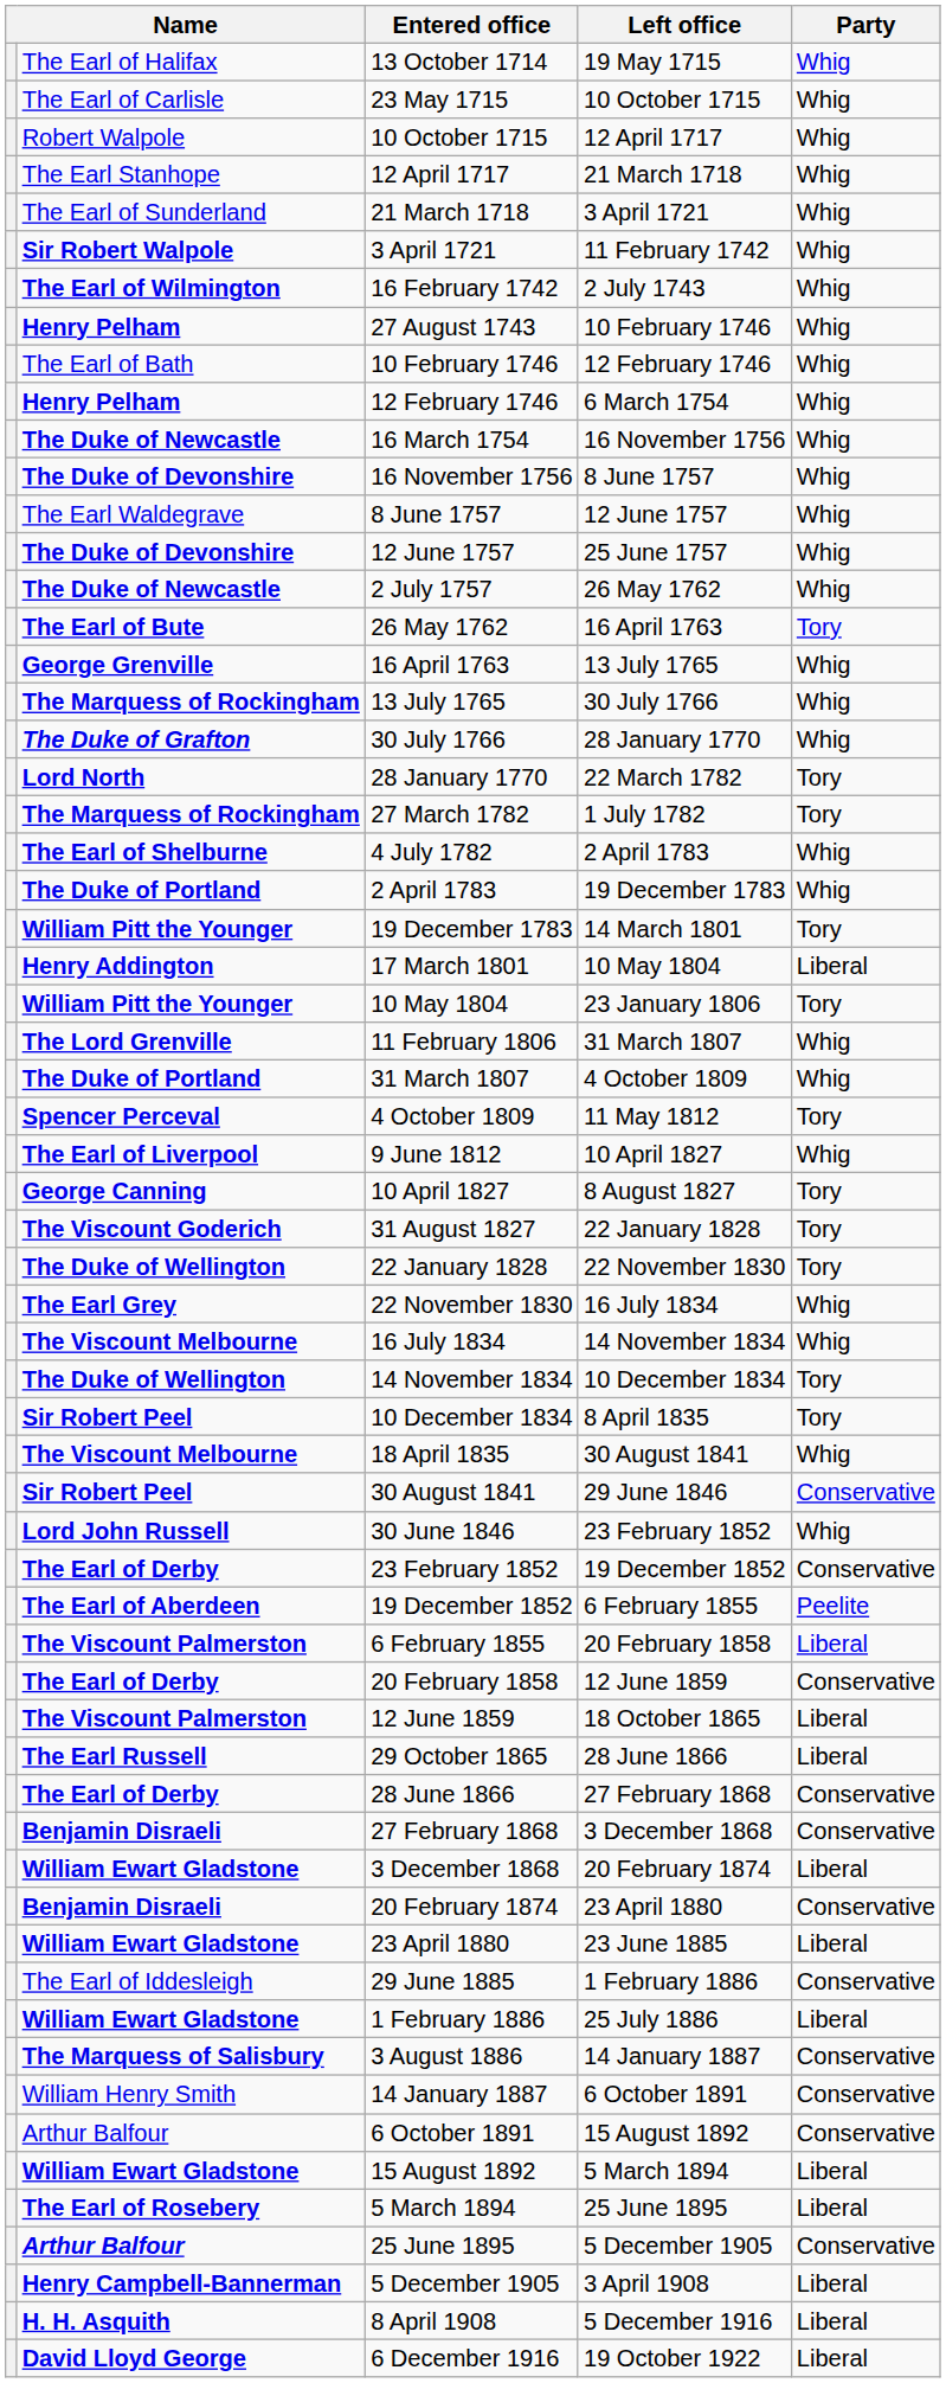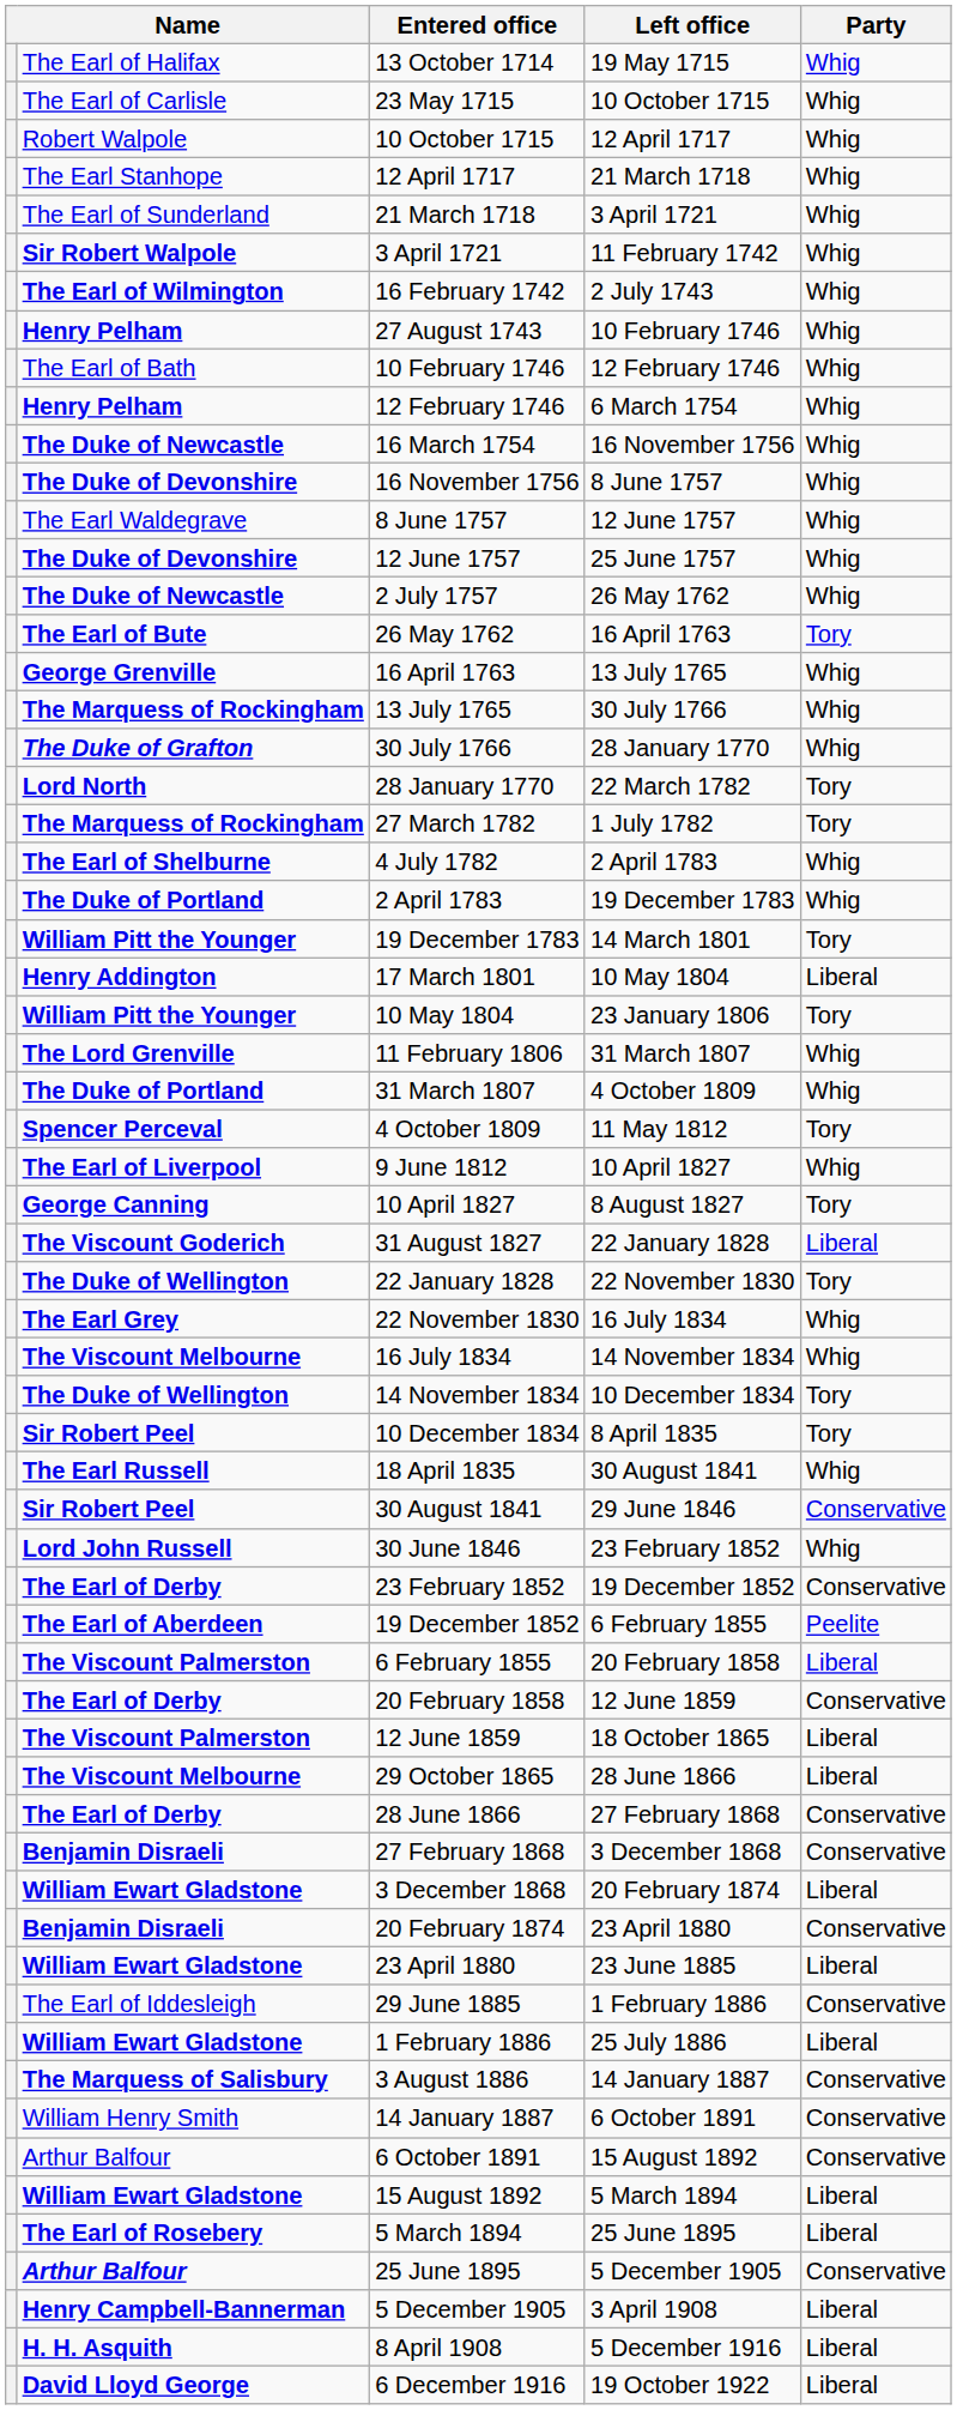 <table class="wikitable" style="font-size:95%;">
 <tr>
 <th colspan=2>Name</th>
 <th>Entered office</th>
 <th>Left office</th>
 <th>Party</th>
 </tr>
 <tr>
 <th style="background-color: "></th>
 <td><a href='#'>The Earl of Halifax</a></td>
 <td>13 October 1714</td>
 <td>19 May 1715</td>
 <td><a href='#'>Whig</a></td>
 </tr>
 <tr>
 <th style="background-color: "></th>
 <td><a href='#'>The Earl of Carlisle</a></td>
 <td>23 May 1715</td>
 <td>10 October 1715</td>
 <td>Whig</td>
 </tr>
 <tr>
 <th style="background-color: "></th>
 <td><a href='#'>Robert Walpole</a></td>
 <td>10 October 1715</td>
 <td>12 April 1717</td>
 <td>Whig</td>
 </tr>
 <tr>
 <th style="background-color: "></th>
 <td><a href='#'>The Earl Stanhope</a></td>
 <td>12 April 1717</td>
 <td>21 March 1718</td>
 <td>Whig</td>
 </tr>
 <tr>
 <th style="background-color: "></th>
 <td><a href='#'>The Earl of Sunderland</a></td>
 <td>21 March 1718</td>
 <td>3 April 1721</td>
 <td>Whig</td>
 </tr>
 <tr>
 <th style="background-color: "></th>
 <td><strong><a href='#'>Sir Robert Walpole</a></strong></td>
 <td>3 April 1721</td>
 <td>11 February 1742</td>
 <td>Whig</td>
 </tr>
 <tr>
 <th style="background-color: "></th>
 <td><strong><a href='#'>The Earl of Wilmington</a></strong></td>
 <td>16 February 1742</td>
 <td>2 July 1743</td>
 <td>Whig</td>
 </tr>
 <tr>
 <th style="background-color: "></th>
 <td><strong><a href='#'>Henry Pelham</a></strong></td>
 <td>27 August 1743</td>
 <td>10 February 1746</td>
 <td>Whig</td>
 </tr>
 <tr>
 <th style="background-color: "></th>
 <td><a href='#'>The Earl of Bath</a></td>
 <td>10 February 1746</td>
 <td>12 February 1746</td>
 <td>Whig</td>
 </tr>
 <tr>
 <th style="background-color: "></th>
 <td><strong><a href='#'>Henry Pelham</a></strong></td>
 <td>12 February 1746</td>
 <td>6 March 1754</td>
 <td>Whig</td>
 </tr>
 <tr>
 <th style="background-color: "></th>
 <td><strong><a href='#'>The Duke of Newcastle</a></strong></td>
 <td>16 March 1754</td>
 <td>16 November 1756</td>
 <td>Whig</td>
 </tr>
 <tr>
 <th style="background-color: "></th>
 <td><strong><a href='#'>The Duke of Devonshire</a></strong></td>
 <td>16 November 1756</td>
 <td>8 June 1757</td>
 <td>Whig</td>
 </tr>
 <tr>
 <th style="background-color: "></th>
 <td><a href='#'>The Earl Waldegrave</a></td>
 <td>8 June 1757</td>
 <td>12 June 1757</td>
 <td>Whig</td>
 </tr>
 <tr>
 <th style="background-color: "></th>
 <td><strong><a href='#'>The Duke of Devonshire</a></strong></td>
 <td>12 June 1757</td>
 <td>25 June 1757</td>
 <td>Whig</td>
 </tr>
 <tr>
 <th style="background-color: "></th>
 <td><strong><a href='#'>The Duke of Newcastle</a></strong></td>
 <td>2 July 1757</td>
 <td>26 May 1762</td>
 <td>Whig</td>
 </tr>
 <tr>
 <th style="background-color: "></th>
 <td><strong><a href='#'>The Earl of Bute</a></strong></td>
 <td>26 May 1762</td>
 <td>16 April 1763</td>
 <td><a href='#'>Tory</a></td>
 </tr>
 <tr>
 <th style="background-color: "></th>
 <td><strong><a href='#'>George Grenville</a></strong></td>
 <td>16 April 1763</td>
 <td>13 July 1765</td>
 <td>Whig</td>
 </tr>
 <tr>
 <th style="background-color: "></th>
 <td><strong><a href='#'>The Marquess of Rockingham</a></strong></td>
 <td>13 July 1765</td>
 <td>30 July 1766</td>
 <td>Whig</td>
 </tr>
 <tr>
 <th style="background-color: "></th>
 <td><strong><em><a href='#'>The Duke of Grafton</a></em></strong></td>
 <td>30 July 1766</td>
 <td>28 January 1770</td>
 <td>Whig</td>
 </tr>
 <tr>
 <th style="background-color: "></th>
 <td><strong><a href='#'>Lord North</a></strong></td>
 <td>28 January 1770</td>
 <td>22 March 1782</td>
 <td>Tory</td>
 </tr>
 <tr>
 <th style="background-color: "></th>
 <td><strong><a href='#'>The Marquess of Rockingham</a></strong></td>
 <td>27 March 1782</td>
 <td>1 July 1782</td>
 <td>Tory</td>
 </tr>
 <tr>
 <th style="background-color: "></th>
 <td><strong><a href='#'>The Earl of Shelburne</a></strong></td>
 <td>4 July 1782</td>
 <td>2 April 1783</td>
 <td>Whig</td>
 </tr>
 <tr>
 <th style="background-color: "></th>
 <td><strong><a href='#'>The Duke of Portland</a></strong></td>
 <td>2 April 1783</td>
 <td>19 December 1783</td>
 <td>Whig</td>
 </tr>
 <tr>
 <th style="background-color: "></th>
 <td><strong><a href='#'>William Pitt the Younger</a></strong></td>
 <td>19 December 1783</td>
 <td>14 March 1801</td>
 <td>Tory</td>
 </tr>
 <tr>
 <th style="background-color: "></th>
 <td><strong><a href='#'>Henry Addington</a></strong></td>
 <td>17 March 1801</td>
 <td>10 May 1804</td>
 <td>Liberal</td>
 </tr>
 <tr>
 <th style="background-color: "></th>
 <td><strong><a href='#'>William Pitt the Younger</a></strong></td>
 <td>10 May 1804</td>
 <td>23 January 1806</td>
 <td>Tory</td>
 </tr>
 <tr>
 <th style="background-color: "></th>
 <td><strong><a href='#'>The Lord Grenville</a></strong></td>
 <td>11 February 1806</td>
 <td>31 March 1807</td>
 <td>Whig</td>
 </tr>
 <tr>
 <th style="background-color: "></th>
 <td><strong><a href='#'>The Duke of Portland</a></strong></td>
 <td>31 March 1807</td>
 <td>4 October 1809</td>
 <td>Whig</td>
 </tr>
 <tr>
 <th style="background-color: "></th>
 <td><strong><a href='#'>Spencer Perceval</a></strong></td>
 <td>4 October 1809</td>
 <td>11 May 1812</td>
 <td>Tory</td>
 </tr>
 <tr>
 <th style="background-color: "></th>
 <td><strong><a href='#'>The Earl of Liverpool</a></strong></td>
 <td>9 June 1812</td>
 <td>10 April 1827</td>
 <td>Whig</td>
 </tr>
 <tr>
 <th style="background-color: "></th>
 <td><strong><a href='#'>George Canning</a></strong></td>
 <td>10 April 1827</td>
 <td>8 August 1827</td>
 <td>Tory</td>
 </tr>
 <tr>
 <th style="background-color: "></th>
 <td><strong><a href='#'>The Viscount Goderich</a></strong></td>
 <td>31 August 1827</td>
 <td>22 January 1828</td>
-<td>Tory</td>
+<td><a href='#'>Liberal</a></td>
 </tr>
 <tr>
 <th style="background-color: "></th>
 <td><strong><a href='#'>The Duke of Wellington</a></strong></td>
 <td>22 January 1828</td>
 <td>22 November 1830</td>
 <td>Tory</td>
 </tr>
 <tr>
 <th style="background-color: "></th>
 <td><strong><a href='#'>The Earl Grey</a></strong></td>
 <td>22 November 1830</td>
 <td>16 July 1834</td>
 <td>Whig</td>
 </tr>
 <tr>
 <th style="background-color: "></th>
 <td><strong><a href='#'>The Viscount Melbourne</a></strong></td>
 <td>16 July 1834</td>
 <td>14 November 1834</td>
 <td>Whig</td>
 </tr>
 <tr>
 <th style="background-color: "></th>
 <td><strong><a href='#'>The Duke of Wellington</a></strong></td>
 <td>14 November 1834</td>
 <td>10 December 1834</td>
 <td>Tory</td>
 </tr>
 <tr>
 <th style="background-color: "></th>
 <td><strong><a href='#'>Sir Robert Peel</a></strong></td>
 <td>10 December 1834</td>
 <td>8 April 1835</td>
 <td>Tory</td>
 </tr>
 <tr>
 <th style="background-color: "></th>
-<td><strong><a href='#'>The Viscount Melbourne</a></strong></td>
+<td><strong><a href='#'>The Earl Russell</a></strong></td>
 <td>18 April 1835</td>
 <td>30 August 1841</td>
 <td>Whig</td>
 </tr>
 <tr>
 <th style="background-color: "></th>
 <td><strong><a href='#'>Sir Robert Peel</a></strong></td>
 <td>30 August 1841</td>
 <td>29 June 1846</td>
 <td><a href='#'>Conservative</a></td>
 </tr>
 <tr>
 <th style="background-color: "></th>
 <td><strong><a href='#'>Lord John Russell</a></strong></td>
 <td>30 June 1846</td>
 <td>23 February 1852</td>
 <td>Whig</td>
 </tr>
 <tr>
 <th style="background-color: "></th>
 <td><strong><a href='#'>The Earl of Derby</a></strong></td>
 <td>23 February 1852</td>
 <td>19 December 1852</td>
 <td>Conservative</td>
 </tr>
 <tr>
 <th style="background-color: "></th>
 <td><strong><a href='#'>The Earl of Aberdeen</a></strong></td>
 <td>19 December 1852</td>
 <td>6 February 1855</td>
 <td><a href='#'>Peelite</a></td>
 </tr>
 <tr>
 <th style="background-color: "></th>
 <td><strong><a href='#'>The Viscount Palmerston</a></strong></td>
 <td>6 February 1855</td>
 <td>20 February 1858</td>
 <td><a href='#'>Liberal</a></td>
 </tr>
 <tr>
 <th style="background-color: "></th>
 <td><strong><a href='#'>The Earl of Derby</a></strong></td>
 <td>20 February 1858</td>
 <td>12 June 1859</td>
 <td>Conservative</td>
 </tr>
 <tr>
 <th style="background-color: "></th>
 <td><strong><a href='#'>The Viscount Palmerston</a></strong></td>
 <td>12 June 1859</td>
 <td>18 October 1865</td>
 <td>Liberal</td>
 </tr>
 <tr>
 <th style="background-color: "></th>
-<td><strong><a href='#'>The Earl Russell</a></strong></td>
+<td><strong><a href='#'>The Viscount Melbourne</a></strong></td>
 <td>29 October 1865</td>
 <td>28 June 1866</td>
 <td>Liberal</td>
 </tr>
 <tr>
 <th style="background-color: "></th>
 <td><strong><a href='#'>The Earl of Derby</a></strong></td>
 <td>28 June 1866</td>
 <td>27 February 1868</td>
 <td>Conservative</td>
 </tr>
 <tr>
 <th style="background-color: "></th>
 <td><strong><a href='#'>Benjamin Disraeli</a></strong></td>
 <td>27 February 1868</td>
 <td>3 December 1868</td>
 <td>Conservative</td>
 </tr>
 <tr>
 <th style="background-color: "></th>
 <td><strong><a href='#'>William Ewart Gladstone</a></strong></td>
 <td>3 December 1868</td>
 <td>20 February 1874</td>
 <td>Liberal</td>
 </tr>
 <tr>
 <th style="background-color: "></th>
 <td><strong><a href='#'>Benjamin Disraeli</a></strong></td>
 <td>20 February 1874</td>
 <td>23 April 1880</td>
 <td>Conservative</td>
 </tr>
 <tr>
 <th style="background-color: "></th>
 <td><strong><a href='#'>William Ewart Gladstone</a></strong></td>
 <td>23 April 1880</td>
 <td>23 June 1885</td>
 <td>Liberal</td>
 </tr>
 <tr>
 <th style="background-color: "></th>
 <td><a href='#'>The Earl of Iddesleigh</a></td>
 <td>29 June 1885</td>
 <td>1 February 1886</td>
 <td>Conservative</td>
 </tr>
 <tr>
 <th style="background-color: "></th>
 <td><strong><a href='#'>William Ewart Gladstone</a></strong></td>
 <td>1 February 1886</td>
 <td>25 July 1886</td>
 <td>Liberal</td>
 </tr>
 <tr>
 <th style="background-color: "></th>
 <td><strong><a href='#'>The Marquess of Salisbury</a></strong></td>
 <td>3 August 1886</td>
 <td>14 January 1887</td>
 <td>Conservative</td>
 </tr>
 <tr>
 <th style="background-color: "></th>
 <td><a href='#'>William Henry Smith</a></td>
 <td>14 January 1887</td>
 <td>6 October 1891</td>
 <td>Conservative</td>
 </tr>
 <tr>
 <th style="background-color: "></th>
 <td><a href='#'>Arthur Balfour</a></td>
 <td>6 October 1891</td>
 <td>15 August 1892</td>
 <td>Conservative</td>
 </tr>
 <tr>
 <th style="background-color: "></th>
 <td><strong><a href='#'>William Ewart Gladstone</a></strong></td>
 <td>15 August 1892</td>
 <td>5 March 1894</td>
 <td>Liberal</td>
 </tr>
 <tr>
 <th style="background-color: "></th>
 <td><strong><a href='#'>The Earl of Rosebery</a></strong></td>
 <td>5 March 1894</td>
 <td>25 June 1895</td>
 <td>Liberal</td>
 </tr>
 <tr>
 <th style="background-color: "></th>
 <td><strong><em><a href='#'>Arthur Balfour</a></em></strong></td>
 <td>25 June 1895</td>
 <td>5 December 1905</td>
 <td>Conservative</td>
 </tr>
 <tr>
 <th style="background-color: "></th>
 <td><strong><a href='#'>Henry Campbell-Bannerman</a></strong></td>
 <td>5 December 1905</td>
 <td>3 April 1908</td>
 <td>Liberal</td>
 </tr>
 <tr>
 <th style="background-color: "></th>
 <td><strong><a href='#'>H. H. Asquith</a></strong></td>
 <td>8 April 1908</td>
 <td>5 December 1916</td>
 <td>Liberal</td>
 </tr>
 <tr>
 <th style="background-color: "></th>
 <td><strong><a href='#'>David Lloyd George</a></strong></td>
 <td>6 December 1916</td>
 <td>19 October 1922</td>
 <td>Liberal</td>
 </tr>
 </table>
